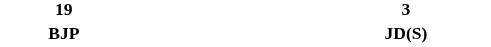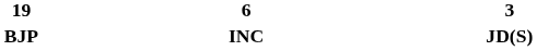 <table style="width:100%; text-align:center;">
 <tr>
 <td style="background:"><strong>19</strong></td>
+<td style="background:"><strong>6</strong></td>
 <td style="background:"><strong>3</strong></td>
 </tr>
 <tr>
 <td><span><strong>BJP</strong></span></td>
+<td><span><strong>INC</strong></span></td>
 <td><span><strong>JD(S)</strong></span></td>
 </tr>
 </table>
